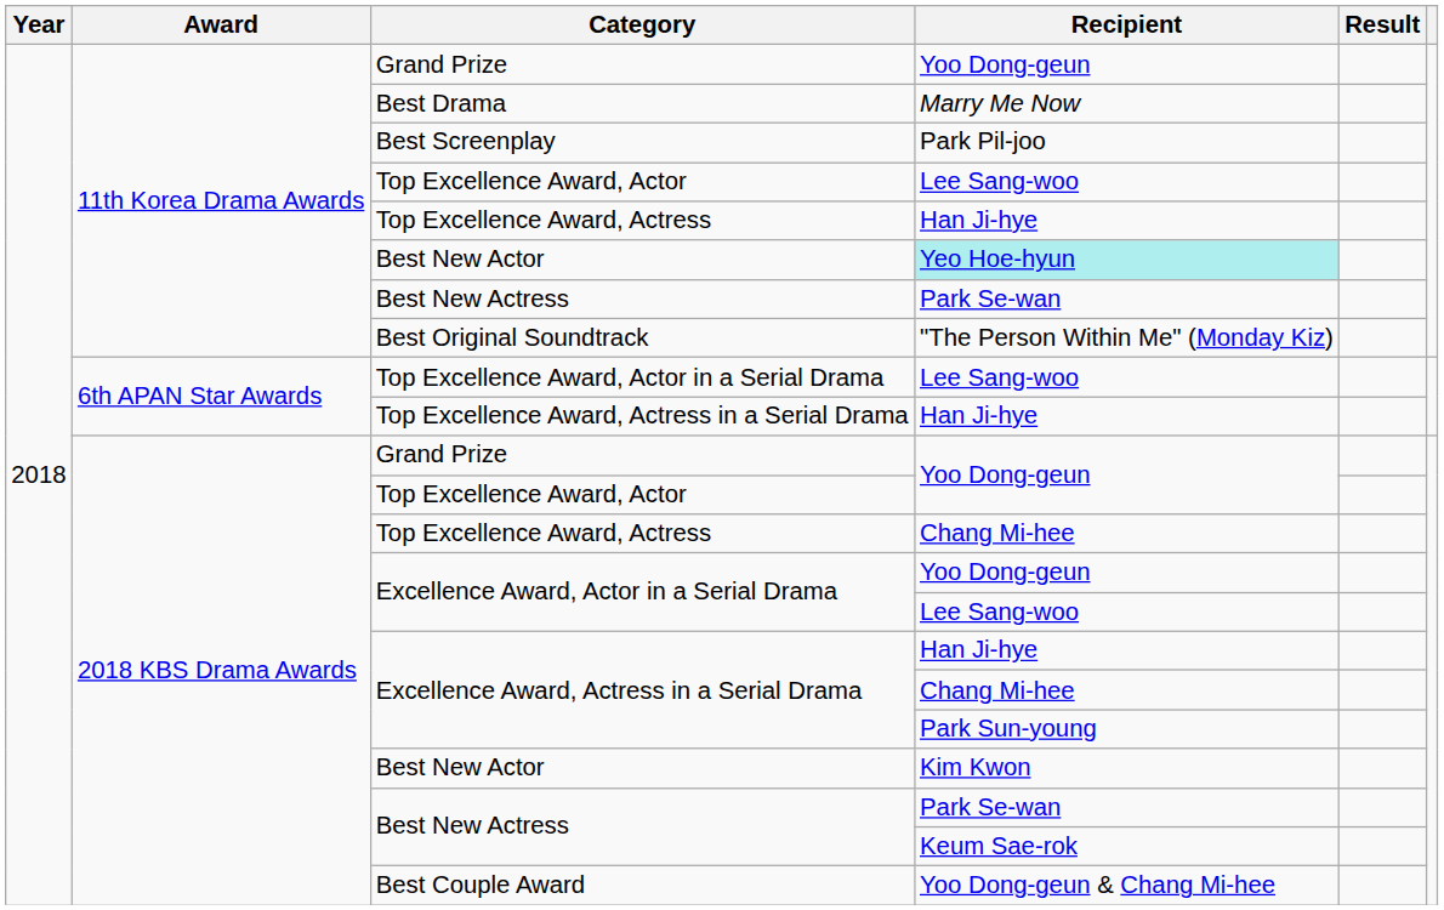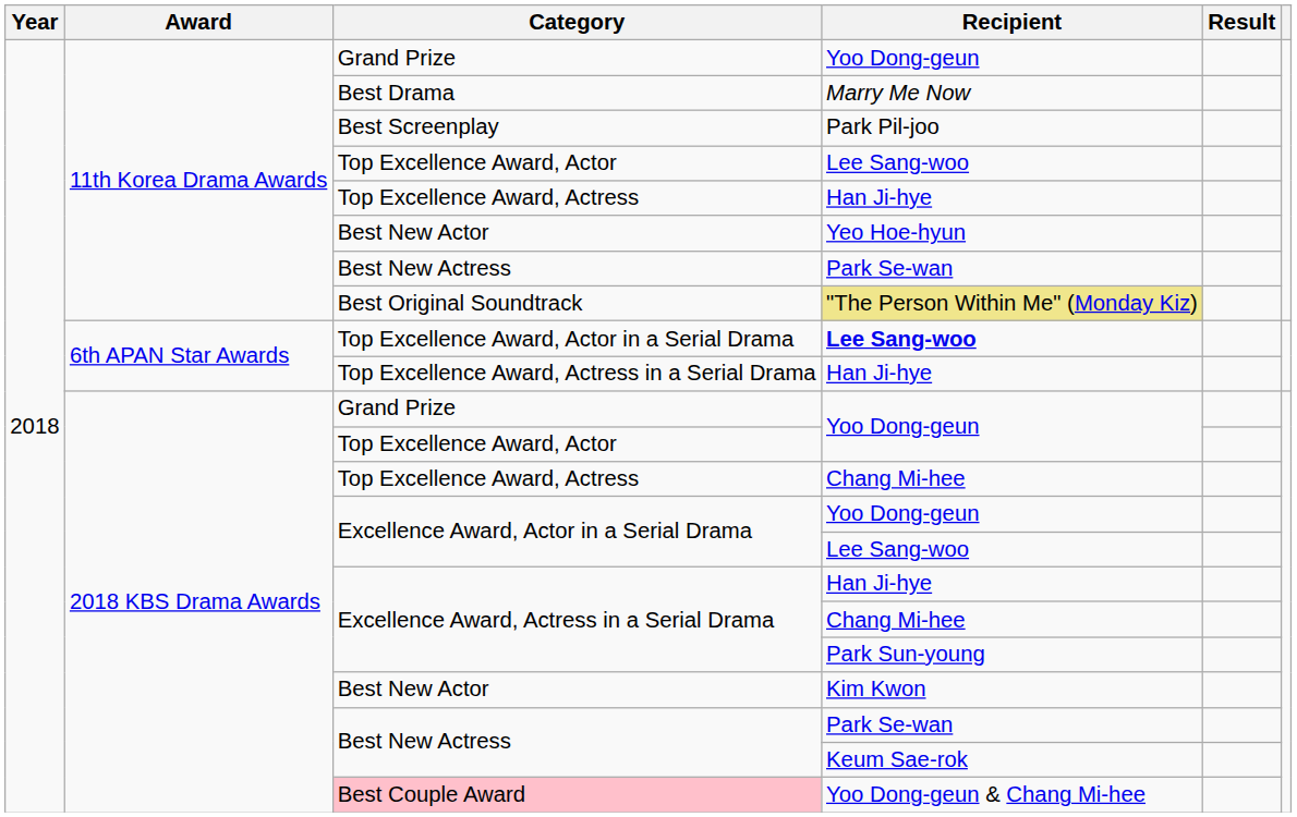 <table class="wikitable">
 <tr>
 <th>Year</th>
 <th>Award</th>
 <th>Category</th>
 <th>Recipient</th>
 <th>Result</th>
 <th></th>
 </tr>
 <tr>
 <td rowspan=25>2018</td>
 <td rowspan=8><a href='#'>11th Korea Drama Awards</a></td>
 <td>Grand Prize</td>
 <td><a href='#'>Yoo Dong-geun</a></td>
 <td></td>
 <td rowspan=8></td>
 </tr>
 <tr>
 <td>Best Drama</td>
 <td><em>Marry Me Now</em></td>
 <td></td>
 </tr>
 <tr>
 <td>Best Screenplay</td>
 <td>Park Pil-joo</td>
 <td></td>
 </tr>
 <tr>
 <td>Top Excellence Award, Actor</td>
 <td><a href='#'>Lee Sang-woo</a></td>
 <td></td>
 </tr>
 <tr>
 <td>Top Excellence Award, Actress</td>
 <td><a href='#'>Han Ji-hye</a></td>
 <td></td>
 </tr>
 <tr>
 <td>Best New Actor</td>
-<td style="background: paleturquoise;"><a href='#'>Yeo Hoe-hyun</a></td>
+<td><a href='#'>Yeo Hoe-hyun</a></td>
 <td></td>
 </tr>
 <tr>
 <td>Best New Actress</td>
 <td><a href='#'>Park Se-wan</a></td>
 <td></td>
 </tr>
 <tr>
 <td>Best Original Soundtrack</td>
-<td>"The Person Within Me" (<a href='#'>Monday Kiz</a>)</td>
+<td style="background: khaki;">"The Person Within Me" (<a href='#'>Monday Kiz</a>)</td>
 <td></td>
 </tr>
 <tr>
 <td rowspan=2><a href='#'>6th APAN Star Awards</a></td>
 <td>Top Excellence Award, Actor in a Serial Drama</td>
-<td><a href='#'>Lee Sang-woo</a></td>
+<td><strong><a href='#'>Lee Sang-woo</a></strong></td>
 <td></td>
 <td rowspan=2></td>
 </tr>
 <tr>
 <td>Top Excellence Award, Actress in a Serial Drama</td>
 <td><a href='#'>Han Ji-hye</a></td>
 <td></td>
 </tr>
 <tr>
 <td rowspan="15"><a href='#'>2018 KBS Drama Awards</a></td>
 <td>Grand Prize</td>
 <td rowspan=2><a href='#'>Yoo Dong-geun</a></td>
 <td></td>
 <td rowspan="15"></td>
 </tr>
 <tr>
 <td>Top Excellence Award, Actor</td>
 <td></td>
 </tr>
 <tr>
 <td>Top Excellence Award, Actress</td>
 <td><a href='#'>Chang Mi-hee</a></td>
 <td></td>
 </tr>
 <tr>
 <td rowspan=2>Excellence Award, Actor in a Serial Drama</td>
 <td><a href='#'>Yoo Dong-geun</a></td>
 <td></td>
 </tr>
 <tr>
 <td><a href='#'>Lee Sang-woo</a></td>
 <td></td>
 </tr>
 <tr>
 <td rowspan=3>Excellence Award, Actress in a Serial Drama</td>
 <td><a href='#'>Han Ji-hye</a></td>
 <td></td>
 </tr>
 <tr>
 <td><a href='#'>Chang Mi-hee</a></td>
 <td></td>
 </tr>
 <tr>
 <td><a href='#'>Park Sun-young</a></td>
 <td></td>
 </tr>
 <tr>
 <td>Best New Actor</td>
 <td><a href='#'>Kim Kwon</a></td>
 <td></td>
 </tr>
 <tr>
 <td rowspan=2>Best New Actress</td>
 <td><a href='#'>Park Se-wan</a></td>
 <td></td>
 </tr>
 <tr>
 <td><a href='#'>Keum Sae-rok</a></td>
 <td></td>
 </tr>
 <tr>
-<td>Best Couple Award</td>
+<td style="background: pink;">Best Couple Award</td>
 <td><a href='#'>Yoo Dong-geun</a> & <a href='#'>Chang Mi-hee</a></td>
 <td></td>
 </tr>
 <tr>
 </tr>
 </table>
